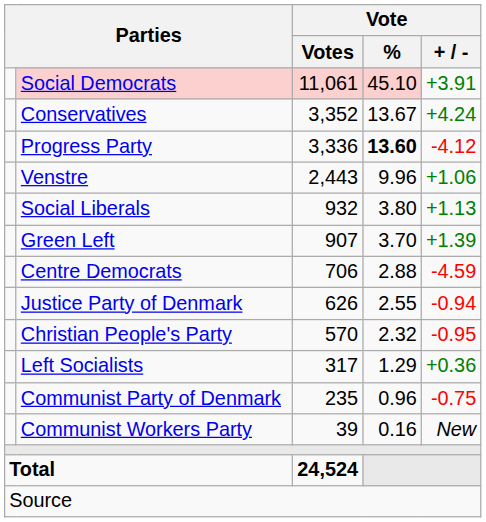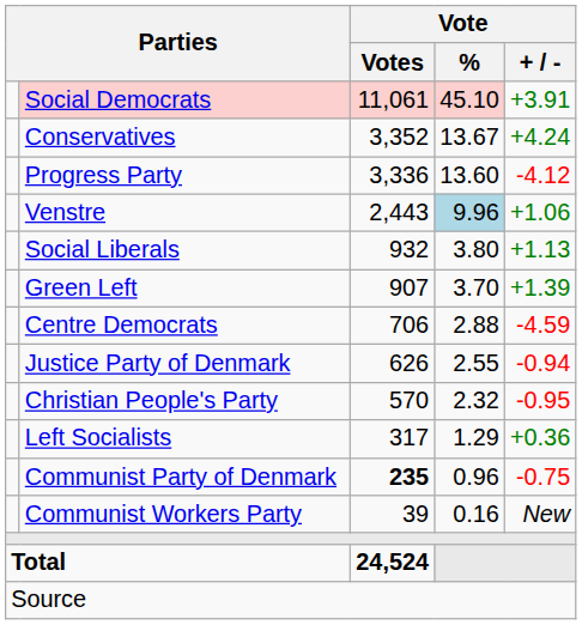 <table class="wikitable" style="text-align:right;">
 <tr>
 <th style="text-align:centre;" rowspan="2" colspan="2" width="225">Parties</th>
 <th colspan="3">Vote</th>
 </tr>
 <tr>
 <th width="15">Votes</th>
 <th width="15">%</th>
 <th width="15">+ / -</th>
 </tr>
 <tr>
 <td width="2" style="color:inherit;background:"></td>
 <td bgcolor=#fbd0ce  align="left"><a href='#'>Social Democrats</a></td>
 <td bgcolor=#fbd0ce>11,061</td>
 <td bgcolor=#fbd0ce>45.10</td>
 <td style=color:green;>+3.91</td>
 </tr>
 <tr>
 <td width="2" style="color:inherit;background:"></td>
 <td align="left"><a href='#'>Conservatives</a></td>
 <td>3,352</td>
 <td>13.67</td>
 <td style=color:green;>+4.24</td>
 </tr>
 <tr>
 <td width="2" style="color:inherit;background:"></td>
 <td align="left"><a href='#'>Progress Party</a></td>
 <td>3,336</td>
-<td><strong>13.60</strong></td>
+<td>13.60</td>
 <td style=color:red;>-4.12</td>
 </tr>
 <tr>
 <td width="2" style="color:inherit;background:"></td>
 <td align="left"><a href='#'>Venstre</a></td>
 <td>2,443</td>
-<td>9.96</td>
+<td style="background: lightblue;">9.96</td>
 <td style=color:green;>+1.06</td>
 </tr>
 <tr>
 <td width="2" style="color:inherit;background:"></td>
 <td align="left"><a href='#'>Social Liberals</a></td>
 <td>932</td>
 <td>3.80</td>
 <td style=color:green;>+1.13</td>
 </tr>
 <tr>
 <td width="2" style="color:inherit;background:"></td>
 <td align="left"><a href='#'>Green Left</a></td>
 <td>907</td>
 <td>3.70</td>
 <td style=color:green;>+1.39</td>
 </tr>
 <tr>
 <td width="2" style="color:inherit;background:"></td>
 <td align="left"><a href='#'>Centre Democrats</a></td>
 <td>706</td>
 <td>2.88</td>
 <td style=color:red;>-4.59</td>
 </tr>
 <tr>
 <td width="2" style="color:inherit;background:"></td>
 <td align="left"><a href='#'>Justice Party of Denmark</a></td>
 <td>626</td>
 <td>2.55</td>
 <td style=color:red;>-0.94</td>
 </tr>
 <tr>
 <td width="2" style="color:inherit;background:"></td>
 <td align="left"><a href='#'>Christian People's Party</a></td>
 <td>570</td>
 <td>2.32</td>
 <td style=color:red;>-0.95</td>
 </tr>
 <tr>
 <td width="2" style="color:inherit;background:"></td>
 <td align="left"><a href='#'>Left Socialists</a></td>
 <td>317</td>
 <td>1.29</td>
 <td style=color:green;>+0.36</td>
 </tr>
 <tr>
 <td width="2" style="color:inherit;background:"></td>
 <td align="left"><a href='#'>Communist Party of Denmark</a></td>
-<td>235</td>
+<td><strong>235</strong></td>
 <td>0.96</td>
 <td style=color:red;>-0.75</td>
 </tr>
 <tr>
 <td width="2" style="color:inherit;background:"></td>
 <td align="left"><a href='#'>Communist Workers Party</a></td>
 <td>39</td>
 <td>0.16</td>
 <td><em>New</em></td>
 </tr>
 <tr>
 <td colspan="7" bgcolor="#E9E9E9"></td>
 </tr>
 <tr>
 <td align="left" colspan="2"><strong>Total</strong></td>
 <td><strong>24,524</strong></td>
 <td bgcolor="#E9E9E9" colspan="2"></td>
 </tr>
 <tr>
 <td align="left" colspan="6">Source</td>
 </tr>
 </table>
